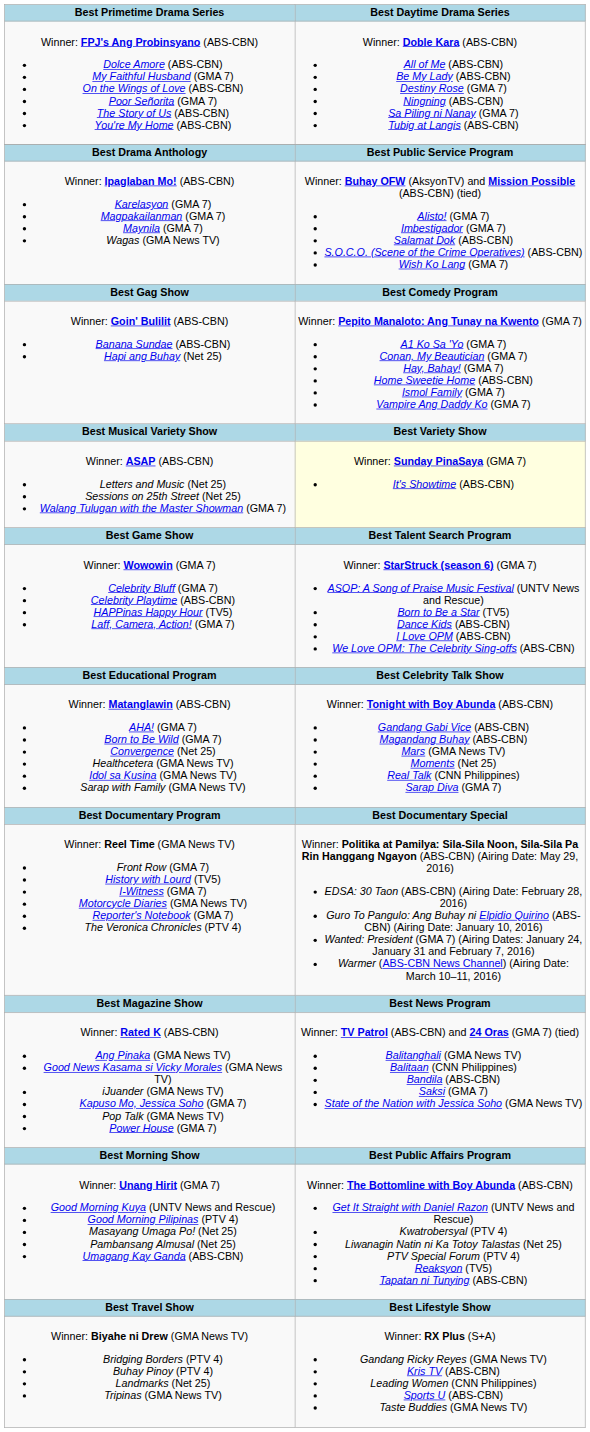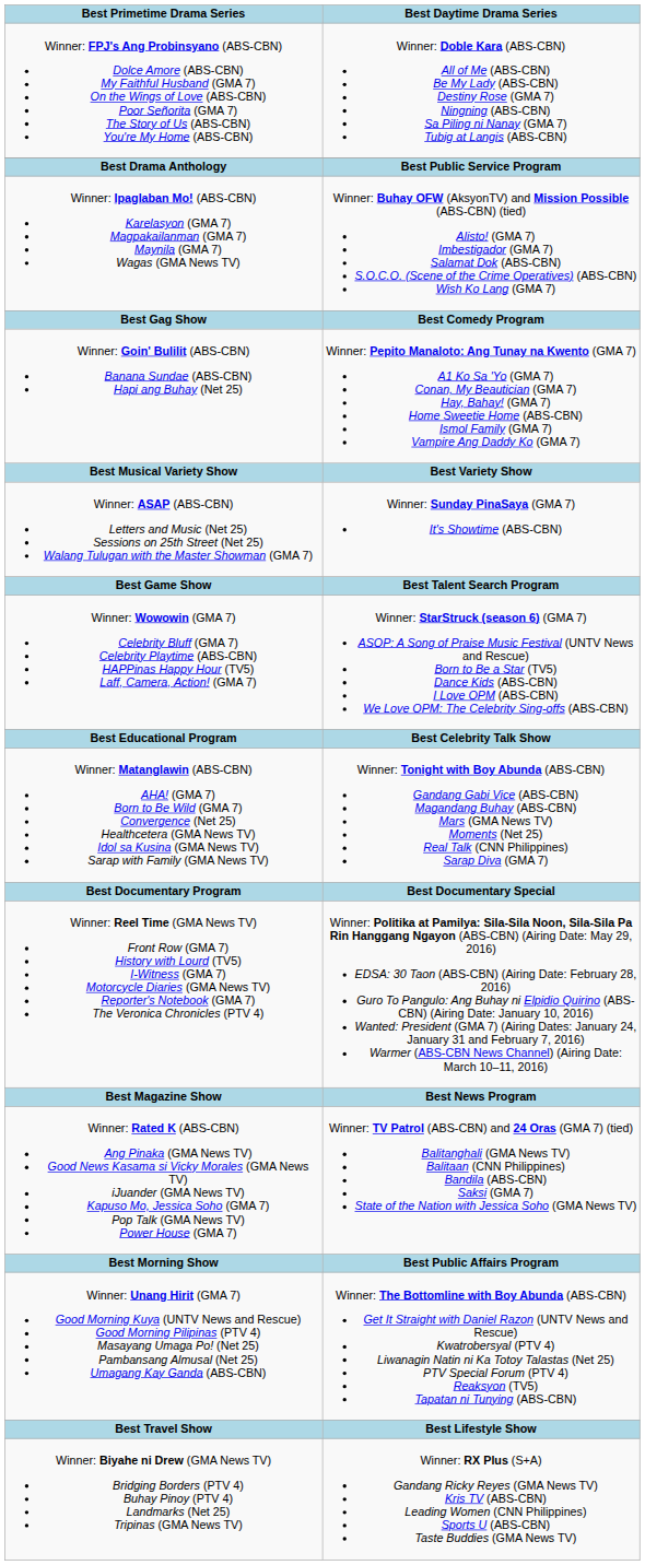 <table class="wikitable"  style="text-align:center;">
 <tr>
 <th style="background:#ADD8E6; width:50%">Best Primetime Drama Series</th>
 <th style="background:#ADD8E6; width:50%">Best Daytime Drama Series</th>
 </tr>
 <tr>
 <td valign="top"><br>Winner: <strong><a href='#'>FPJ's Ang Probinsyano</a></strong> (ABS-CBN)<ul><li><em><a href='#'>Dolce Amore</a></em> (ABS-CBN)</li><li><em><a href='#'>My Faithful Husband</a></em> (GMA 7)</li><li><em><a href='#'>On the Wings of Love</a></em> (ABS-CBN)</li><li><em><a href='#'>Poor Señorita</a></em> (GMA 7)</li><li><em><a href='#'>The Story of Us</a></em> (ABS-CBN)</li><li><em><a href='#'>You're My Home</a></em> (ABS-CBN)</li></ul></td>
 <td valign="top"><br>Winner: <strong><a href='#'>Doble Kara</a></strong> (ABS-CBN)<ul><li><em><a href='#'>All of Me</a></em> (ABS-CBN)</li><li><em><a href='#'>Be My Lady</a></em> (ABS-CBN)</li><li><em><a href='#'>Destiny Rose</a></em> (GMA 7)</li><li><em><a href='#'>Ningning</a></em> (ABS-CBN)</li><li><em><a href='#'>Sa Piling ni Nanay</a></em> (GMA 7)</li><li><em><a href='#'>Tubig at Langis</a></em> (ABS-CBN)</li></ul></td>
 </tr>
 <tr>
 </tr>
 <tr>
 <th style="background:#ADD8E6; width:50%">Best Drama Anthology</th>
 <th style="background:#ADD8E6; width:50%">Best Public Service Program</th>
 </tr>
 <tr>
 <td valign="top"><br>Winner: <strong><a href='#'>Ipaglaban Mo!</a></strong> (ABS-CBN)<ul><li><em><a href='#'>Karelasyon</a></em> (GMA 7)</li><li><em><a href='#'>Magpakailanman</a></em> (GMA 7)</li><li><em><a href='#'>Maynila</a></em> (GMA 7)</li><li><em>Wagas</em> (GMA News TV)</li></ul></td>
 <td valign="top"><br>Winner: <strong><a href='#'>Buhay OFW</a></strong> (AksyonTV) and <strong><a href='#'>Mission Possible</a></strong> (ABS-CBN) (tied)<ul><li><em><a href='#'>Alisto!</a></em> (GMA 7)</li><li><em><a href='#'>Imbestigador</a></em> (GMA 7)</li><li><em><a href='#'>Salamat Dok</a></em> (ABS-CBN)</li><li><em><a href='#'>S.O.C.O. (Scene of the Crime Operatives)</a></em> (ABS-CBN)</li><li><em><a href='#'>Wish Ko Lang</a></em> (GMA 7)</li></ul></td>
 </tr>
 <tr>
 <th style="background:#ADD8E6; width:50%">Best Gag Show</th>
 <th style="background:#ADD8E6; width:50%">Best Comedy Program</th>
 </tr>
 <tr>
 <td valign="top"><br>Winner: <strong><a href='#'>Goin' Bulilit</a></strong> (ABS-CBN)<ul><li><em><a href='#'>Banana Sundae</a></em> (ABS-CBN)</li><li><em><a href='#'>Hapi ang Buhay</a></em> (Net 25)</li></ul></td>
 <td valign="top"><br>Winner: <strong><a href='#'>Pepito Manaloto: Ang Tunay na Kwento</a></strong> (GMA 7)<ul><li><em><a href='#'>A1 Ko Sa 'Yo</a></em> (GMA 7)</li><li><em><a href='#'>Conan, My Beautician</a></em> (GMA 7)</li><li><em><a href='#'>Hay, Bahay!</a></em> (GMA 7)</li><li><em><a href='#'>Home Sweetie Home</a></em> (ABS-CBN)</li><li><em><a href='#'>Ismol Family</a></em> (GMA 7)</li><li><em><a href='#'>Vampire Ang Daddy Ko</a></em> (GMA 7)</li></ul></td>
 </tr>
 <tr>
 <th style="background:#ADD8E6; width:50%">Best Musical Variety Show</th>
 <th style="background:#ADD8E6; width:50%">Best Variety Show</th>
 </tr>
 <tr>
 <td valign="top"><br>Winner: <strong><a href='#'>ASAP</a></strong> (ABS-CBN)<ul><li><em>Letters and Music</em> (Net 25)</li><li><em>Sessions on 25th Street</em> (Net 25)</li><li><em><a href='#'>Walang Tulugan with the Master Showman</a></em> (GMA 7)</li></ul></td>
-<td valign="top" style="background: lightyellow;"><br>Winner: <strong><a href='#'>Sunday PinaSaya</a></strong> (GMA 7)<ul><li><em><a href='#'>It's Showtime</a></em> (ABS-CBN)</li></ul></td>
+<td valign="top"><br>Winner: <strong><a href='#'>Sunday PinaSaya</a></strong> (GMA 7)<ul><li><em><a href='#'>It's Showtime</a></em> (ABS-CBN)</li></ul></td>
 </tr>
 <tr>
 <th style="background:#ADD8E6; width:50%">Best Game Show</th>
 <th style="background:#ADD8E6; width:50%">Best Talent Search Program</th>
 </tr>
 <tr>
 <td valign="top"><br>Winner: <strong><a href='#'>Wowowin</a></strong> (GMA 7)<ul><li><em><a href='#'>Celebrity Bluff</a></em> (GMA 7)</li><li><em><a href='#'>Celebrity Playtime</a></em> (ABS-CBN)</li><li><em><a href='#'>HAPPinas Happy Hour</a></em> (TV5)</li><li><em><a href='#'>Laff, Camera, Action!</a></em> (GMA 7)</li></ul></td>
 <td valign="top"><br>Winner: <strong><a href='#'>StarStruck (season 6)</a></strong> (GMA 7)<ul><li><em><a href='#'>ASOP: A Song of Praise Music Festival</a></em> (UNTV News and Rescue)</li><li><em><a href='#'>Born to Be a Star</a></em> (TV5)</li><li><em><a href='#'>Dance Kids</a></em> (ABS-CBN)</li><li><em><a href='#'>I Love OPM</a></em> (ABS-CBN)</li><li><em><a href='#'>We Love OPM: The Celebrity Sing-offs</a></em> (ABS-CBN)</li></ul></td>
 </tr>
 <tr>
 <th style="background:#ADD8E6; width:50%">Best Educational Program</th>
 <th style="background:#ADD8E6; width:50%">Best Celebrity Talk Show</th>
 </tr>
 <tr>
 <td valign="top"><br>Winner: <strong><a href='#'>Matanglawin</a></strong> (ABS-CBN)<ul><li><em><a href='#'>AHA!</a></em> (GMA 7)</li><li><em><a href='#'>Born to Be Wild</a></em> (GMA 7)</li><li><em><a href='#'>Convergence</a></em> (Net 25)</li><li><em>Healthcetera</em> (GMA News TV)</li><li><em><a href='#'>Idol sa Kusina</a></em> (GMA News TV)</li><li><em>Sarap with Family</em> (GMA News TV)</li></ul></td>
 <td valign="top"><br>Winner: <strong><a href='#'>Tonight with Boy Abunda</a></strong> (ABS-CBN)<ul><li><em><a href='#'>Gandang Gabi Vice</a></em> (ABS-CBN)</li><li><em><a href='#'>Magandang Buhay</a></em> (ABS-CBN)</li><li><em><a href='#'>Mars</a></em> (GMA News TV)</li><li><em><a href='#'>Moments</a></em> (Net 25)</li><li><em><a href='#'>Real Talk</a></em> (CNN Philippines)</li><li><em><a href='#'>Sarap Diva</a></em> (GMA 7)</li></ul></td>
 </tr>
 <tr>
 <th style="background:#ADD8E6; width:50%">Best Documentary Program</th>
 <th style="background:#ADD8E6; width:50%">Best Documentary Special</th>
 </tr>
 <tr>
 <td valign="top"><br>Winner: <strong>Reel Time</strong> (GMA News TV)<ul><li><em>Front Row</em> (GMA 7)</li><li><em><a href='#'>History with Lourd</a></em> (TV5)</li><li><em><a href='#'>I-Witness</a></em> (GMA 7)</li><li><em><a href='#'>Motorcycle Diaries</a></em> (GMA News TV)</li><li><em><a href='#'>Reporter's Notebook</a></em> (GMA 7)</li><li><em>The Veronica Chronicles</em> (PTV 4)</li></ul></td>
 <td valign="top"><br>Winner: <strong>Politika at Pamilya: Sila-Sila Noon, Sila-Sila Pa Rin Hanggang Ngayon</strong> (ABS-CBN) (Airing Date: May 29, 2016)<ul><li><em>EDSA: 30 Taon</em> (ABS-CBN) (Airing Date: February 28, 2016)</li><li><em>Guro To Pangulo: Ang Buhay ni <a href='#'>Elpidio Quirino</a></em> (ABS-CBN) (Airing Date: January 10, 2016)</li><li><em>Wanted: President</em> (GMA 7) (Airing Dates: January 24, January 31 and February 7, 2016)</li><li><em>Warmer</em> (<a href='#'>ABS-CBN News Channel</a>) (Airing Date: March 10–11, 2016)</li></ul></td>
 </tr>
 <tr>
 <th style="background:#ADD8E6; width:50%">Best Magazine Show</th>
 <th style="background:#ADD8E6; width:50%">Best News Program</th>
 </tr>
 <tr>
 <td valign="top"><br>Winner: <strong><a href='#'>Rated K</a></strong> (ABS-CBN)<ul><li><em><a href='#'>Ang Pinaka</a></em> (GMA News TV)</li><li><em><a href='#'>Good News Kasama si Vicky Morales</a></em> (GMA News TV)</li><li><em>iJuander</em> (GMA News TV)</li><li><em><a href='#'>Kapuso Mo, Jessica Soho</a></em> (GMA 7)</li><li><em>Pop Talk</em> (GMA News TV)</li><li><em><a href='#'>Power House</a></em> (GMA 7)</li></ul></td>
 <td valign="top"><br>Winner: <strong><a href='#'>TV Patrol</a></strong> (ABS-CBN) and <strong><a href='#'>24 Oras</a></strong> (GMA 7) (tied)<ul><li><em><a href='#'>Balitanghali</a></em> (GMA News TV)</li><li><em><a href='#'>Balitaan</a></em> (CNN Philippines)</li><li><em><a href='#'>Bandila</a></em> (ABS-CBN)</li><li><em><a href='#'>Saksi</a></em> (GMA 7)</li><li><em><a href='#'>State of the Nation with Jessica Soho</a></em> (GMA News TV)</li></ul></td>
 </tr>
 <tr>
 <th style="background:#ADD8E6; width:50%">Best Morning Show</th>
 <th style="background:#ADD8E6; width:50%">Best Public Affairs Program</th>
 </tr>
 <tr>
 <td valign="top"><br>Winner: <strong><a href='#'>Unang Hirit</a></strong> (GMA 7)<ul><li><em><a href='#'>Good Morning Kuya</a></em> (UNTV News and Rescue)</li><li><em><a href='#'>Good Morning Pilipinas</a></em> (PTV 4)</li><li><em>Masayang Umaga Po!</em> (Net 25)</li><li><em>Pambansang Almusal</em> (Net 25)</li><li><em><a href='#'>Umagang Kay Ganda</a></em> (ABS-CBN)</li></ul></td>
 <td valign="top"><br>Winner: <strong><a href='#'>The Bottomline with Boy Abunda</a></strong> (ABS-CBN)<ul><li><em><a href='#'>Get It Straight with Daniel Razon</a></em> (UNTV News and Rescue)</li><li><em>Kwatrobersyal</em> (PTV 4)</li><li><em>Liwanagin Natin ni Ka Totoy Talastas</em> (Net 25)</li><li><em>PTV Special Forum</em> (PTV 4)</li><li><em><a href='#'>Reaksyon</a></em> (TV5)</li><li><em><a href='#'>Tapatan ni Tunying</a></em> (ABS-CBN)</li></ul></td>
 </tr>
 <tr>
 <th style="background:#ADD8E6; width:50%">Best Travel Show</th>
 <th style="background:#ADD8E6; width:50%">Best Lifestyle Show</th>
 </tr>
 <tr>
 <td valign="top"><br>Winner: <strong>Biyahe ni Drew</strong> (GMA News TV)<ul><li><em>Bridging Borders</em> (PTV 4)</li><li><em>Buhay Pinoy</em> (PTV 4)</li><li><em>Landmarks</em> (Net 25)</li><li><em>Tripinas</em> (GMA News TV)</li></ul></td>
 <td valign="top"><br>Winner: <strong>RX Plus</strong> (S+A)<ul><li><em>Gandang Ricky Reyes</em> (GMA News TV)</li><li><em><a href='#'>Kris TV</a></em> (ABS-CBN)</li><li><em>Leading Women</em> (CNN Philippines)</li><li><em><a href='#'>Sports U</a></em> (ABS-CBN)</li><li><em>Taste Buddies</em> (GMA News TV)</li></ul></td>
 </tr>
 </table>
